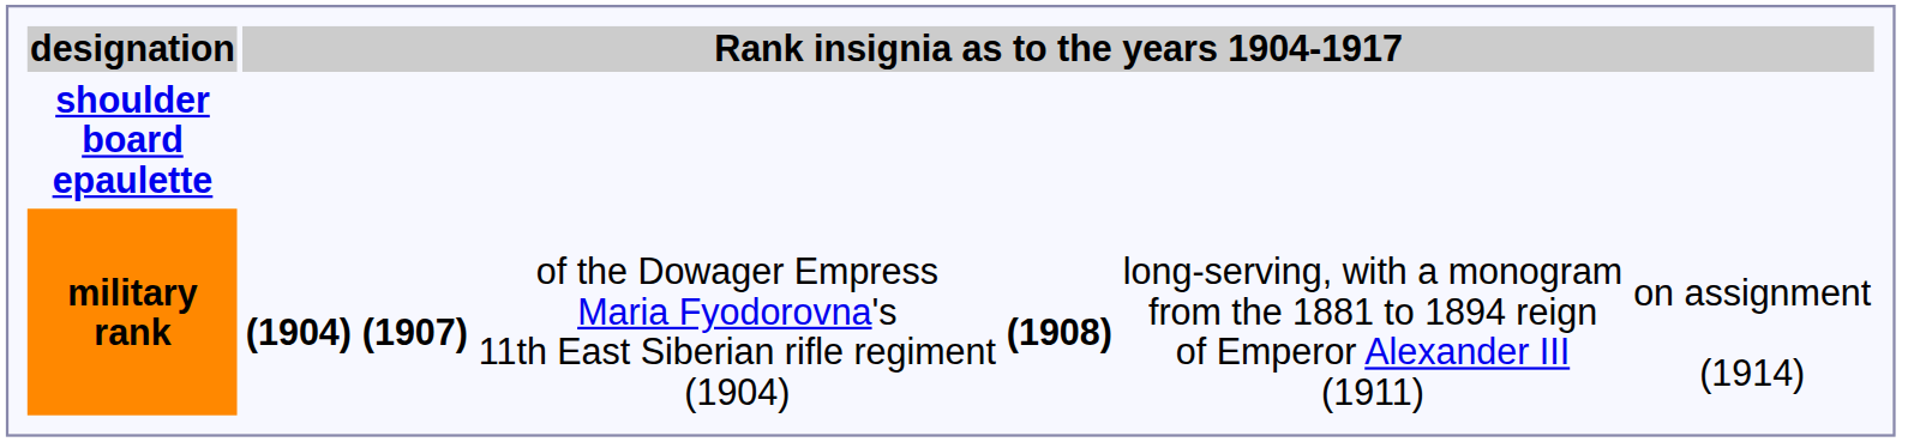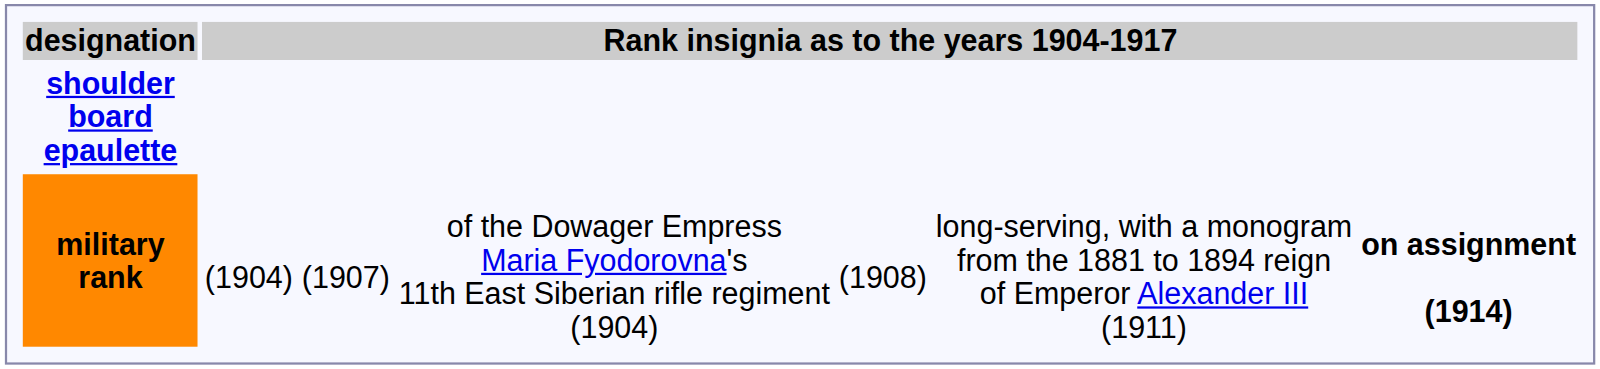 <table style="border:1px solid #8888aa; background-color:#f7f8ff; padding:5px; font-size:85%; margin: 12px 12px 12px 12px;">
 <tr bgcolor="#CCCCCC">
 <th>designation</th>
 <th colspan=8>Rank insignia as to the years 1904-1917</th>
 </tr>
 <tr align="center">
 <th><a href='#'>shoulder<br> board</a><br><a href='#'>epaulette</a><br></th>
 <td></td>
 <td></td>
 <td></td>
 <td></td>
 <td></td>
 <td></td>
 </tr>
 <tr align="center">
 <th style="background:#ff8800; color:black;" rowspan=1>military<br>rank</th>
-<td><strong> <br>(1904)</strong></td>
-<td><strong> <br>(1907)</strong></td>
+<td> <br>(1904)</td>
+<td> <br>(1907)</td>
 <td> <br>of the Dowager Empress <br><a href='#'>Maria Fyodorovna</a>'s <br>11th East Siberian rifle regiment <br>(1904)</td>
-<td><strong> <br>(1908)</strong></td>
+<td> <br>(1908)</td>
 <td> <br> long-serving, with a monogram <br>from the 1881 to 1894 reign <br>of Emperor <a href='#'>Alexander III</a><br> (1911)</td>
-<td> <br>on assignment <br><br> (1914)</td>
+<td><strong> <br>on assignment <br><br> (1914)</strong></td>
 </tr>
 </table>
